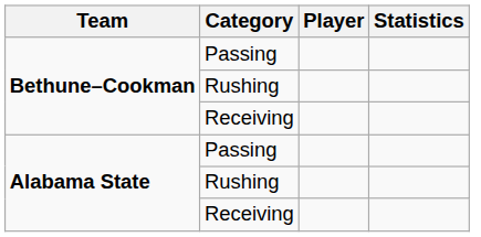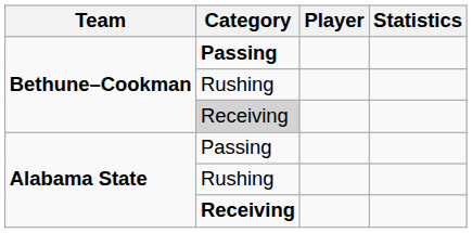 <table class="wikitable" style="float: left;">
 <tr>
 <th>Team</th>
 <th>Category</th>
 <th>Player</th>
 <th>Statistics</th>
 </tr>
 <tr>
 <td rowspan=3><strong>Bethune–Cookman</strong></td>
-<td>Passing</td>
+<td><strong>Passing</strong></td>
 <td> </td>
 <td> </td>
 </tr>
 <tr>
 <td>Rushing</td>
 <td> </td>
 <td> </td>
 </tr>
 <tr>
-<td>Receiving</td>
+<td style="background: lightgrey;">Receiving</td>
 <td> </td>
 <td> </td>
 </tr>
 <tr>
 <td rowspan=3><strong>Alabama State</strong></td>
 <td>Passing</td>
 <td> </td>
 <td> </td>
 </tr>
 <tr>
 <td>Rushing</td>
 <td> </td>
 <td> </td>
 </tr>
 <tr>
-<td>Receiving</td>
+<td><strong>Receiving</strong></td>
 <td> </td>
 <td> </td>
 </tr>
 </table>
